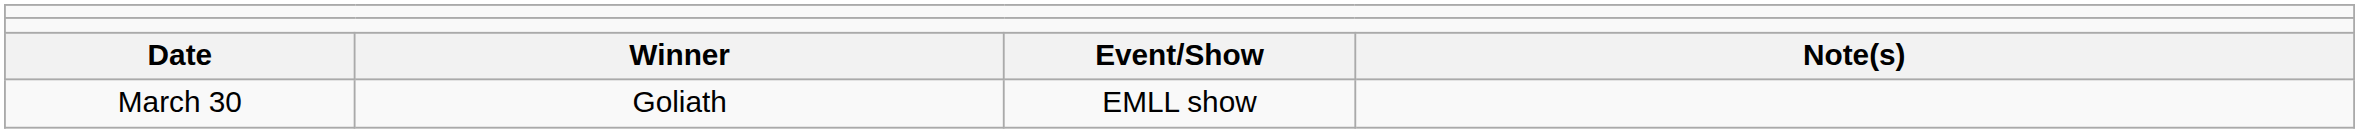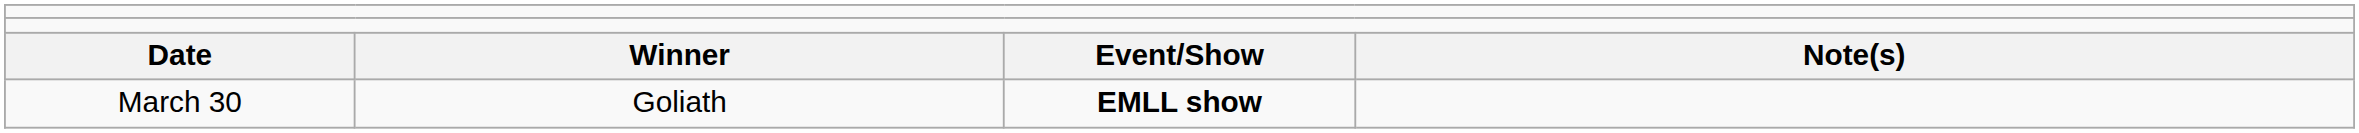 <table class="wikitable" style="text-align:center; width:100%;">
 <tr>
 <td colspan=5></td>
 </tr>
 <tr>
 <td colspan=5><strong></strong></td>
 </tr>
 <tr>
 <th width=14%>Date</th>
 <th width=26%>Winner</th>
 <th width=14%>Event/Show</th>
 <th width=40%>Note(s)</th>
 </tr>
 <tr>
 <td>March 30</td>
 <td>Goliath</td>
-<td>EMLL show</td>
+<td><strong>EMLL show</strong></td>
 <td align=left></td>
 </tr>
 </table>
